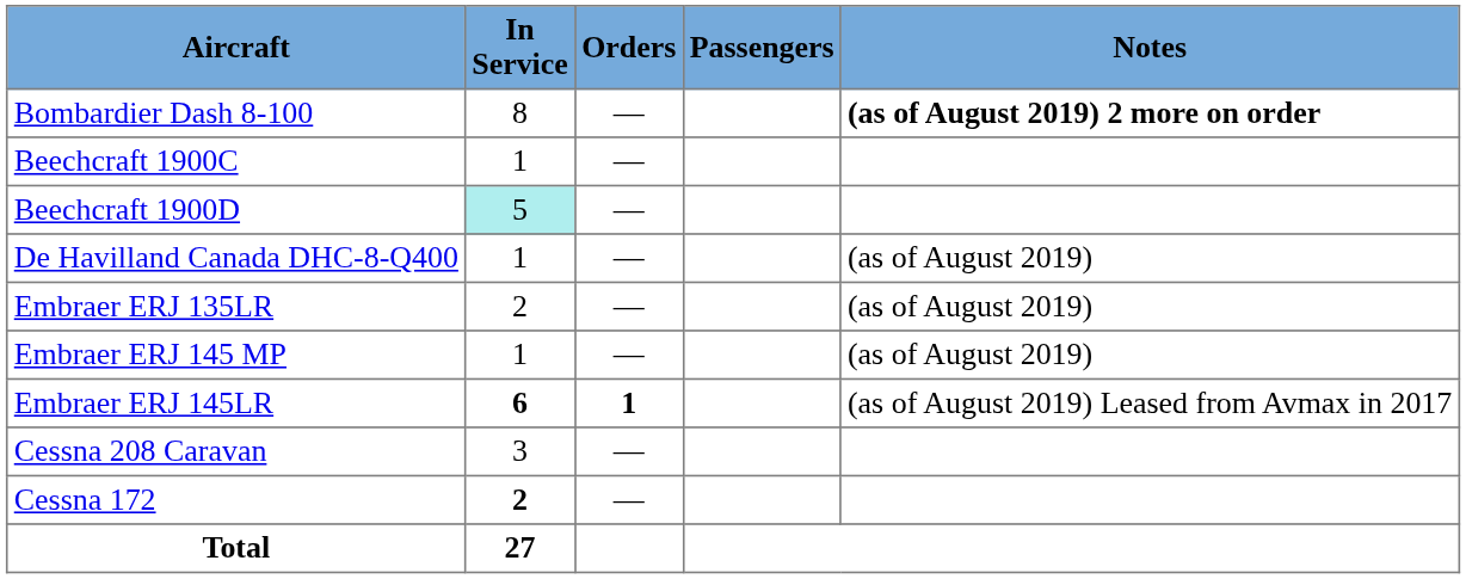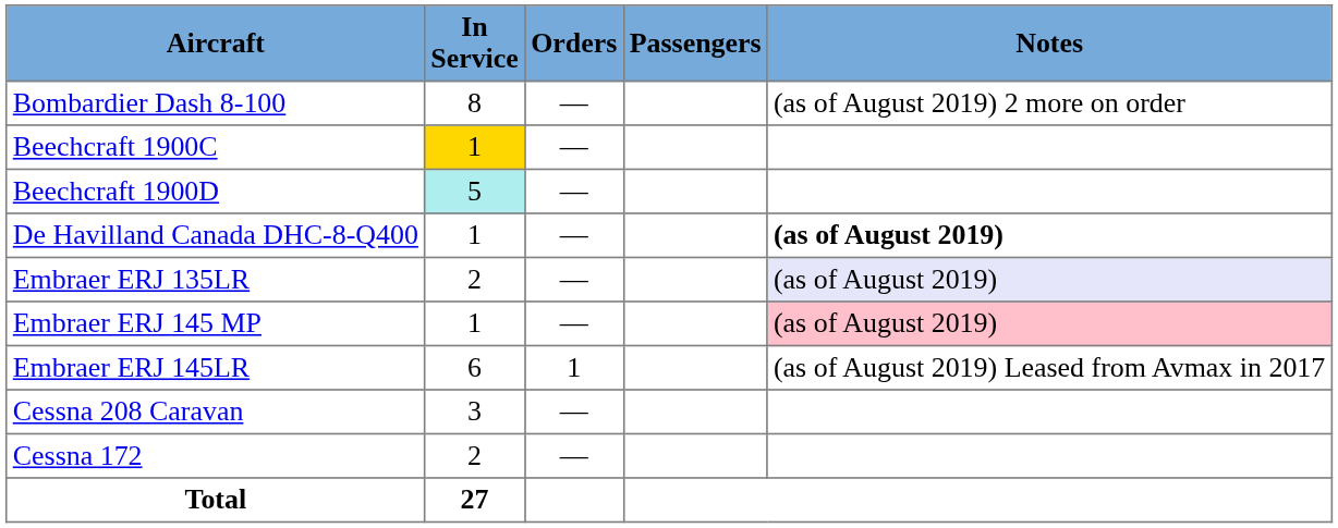 <table class="toccolours" border="1" cellpadding="3" style="border-collapse:collapse;margin:1em auto;">
 <tr bgcolor=#75aadb>
 <th>Aircraft</th>
 <th>In<br>Service</th>
 <th>Orders</th>
 <th>Passengers</th>
 <th>Notes</th>
 </tr>
 <tr>
 <td><a href='#'>Bombardier Dash 8-100</a></td>
 <td align="center">8</td>
 <td align="center">—</td>
 <td align="center"></td>
-<td><strong>(as of August 2019) 2 more on order</strong></td>
+<td>(as of August 2019) 2 more on order</td>
 </tr>
 <tr>
 <td><a href='#'>Beechcraft 1900C</a></td>
-<td align="center">1</td>
+<td align="center" style="background: gold;">1</td>
 <td align="center">—</td>
 <td align="center"></td>
 <td></td>
 </tr>
 <tr>
 <td><a href='#'>Beechcraft 1900D</a></td>
 <td align="center" style="background: paleturquoise;">5</td>
 <td align="center">—</td>
 <td align="center"></td>
 <td></td>
 </tr>
 <tr>
 <td><a href='#'>De Havilland Canada DHC-8-Q400</a></td>
 <td align="center">1</td>
 <td align="center">—</td>
 <td align="center"></td>
-<td>(as of August 2019)</td>
+<td><strong>(as of August 2019)</strong></td>
 </tr>
 <tr>
 <td><a href='#'>Embraer ERJ 135LR</a></td>
 <td align="center">2</td>
 <td align="center">—</td>
 <td align="center"></td>
-<td>(as of August 2019)</td>
+<td style="background: lavender;">(as of August 2019)</td>
 </tr>
 <tr>
 <td><a href='#'>Embraer ERJ 145 MP</a></td>
 <td align="center">1</td>
 <td align="center">—</td>
 <td align="center"></td>
-<td>(as of August 2019)</td>
+<td style="background: pink;">(as of August 2019)</td>
 </tr>
 <tr>
 <td><a href='#'>Embraer ERJ 145LR</a></td>
-<td align="center"><strong>6</strong></td>
-<td align="center"><strong>1</strong></td>
+<td align="center">6</td>
+<td align="center">1</td>
 <td align="center"></td>
 <td>(as of August 2019) Leased from Avmax in 2017</td>
 </tr>
 <tr>
 <td><a href='#'>Cessna 208 Caravan</a></td>
 <td align="center">3</td>
 <td align="center">—</td>
 <td align="center"></td>
 <td></td>
 </tr>
 <tr>
 <td><a href='#'>Cessna 172</a></td>
-<td align="center"><strong>2</strong></td>
+<td align="center">2</td>
 <td align="center">—</td>
 <td></td>
 <td></td>
 </tr>
 <tr>
 <th>Total</th>
 <th>27</th>
 <th></th>
 <th colspan="2"></th>
 </tr>
 </table>
